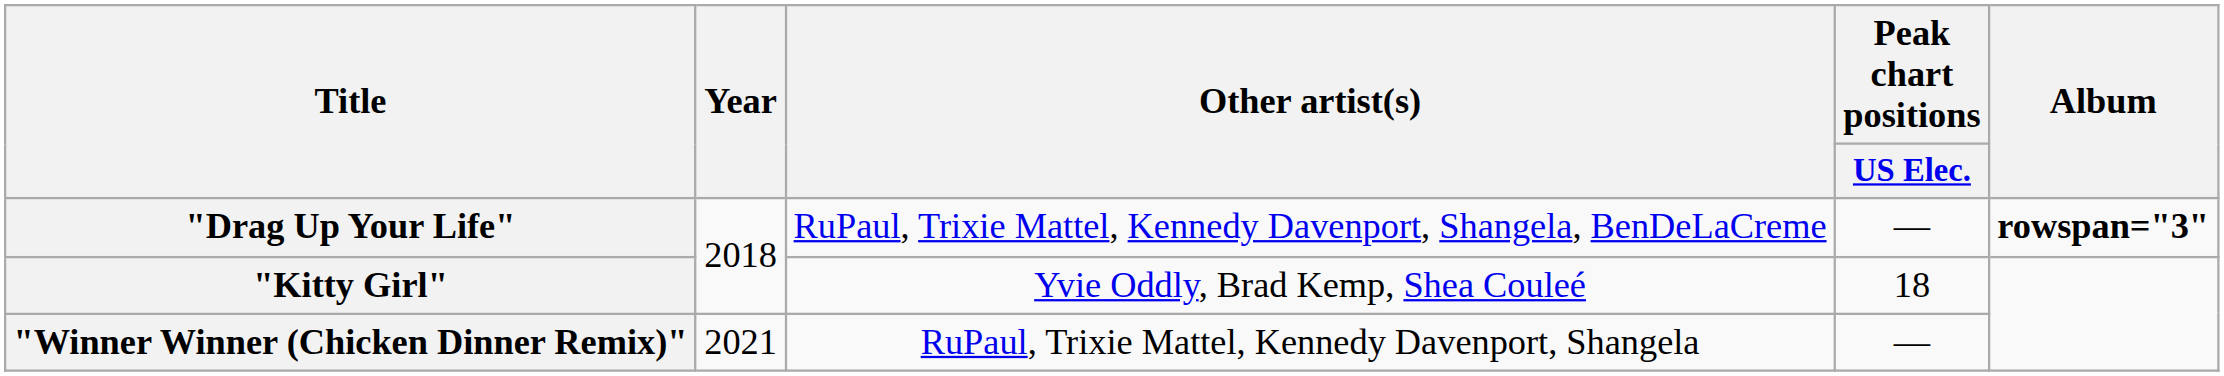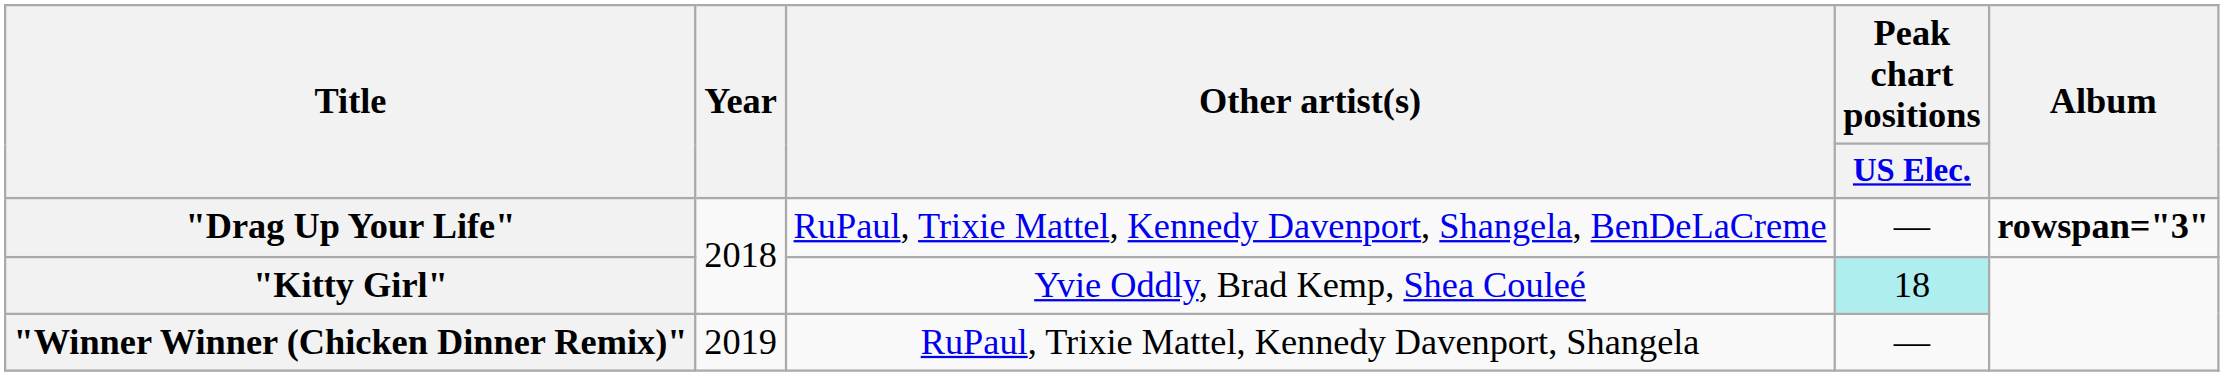 <table class="wikitable plainrowheaders" style="text-align:center;">
 <tr>
 <th rowspan="2" scope="col">Title</th>
 <th rowspan="2" scope="col">Year</th>
 <th rowspan="2" scope="col">Other artist(s)</th>
 <th scope="col">Peak chart positions</th>
 <th rowspan="2" scope="col">Album</th>
 </tr>
 <tr>
 <th scope="col" style="width:2em;font-size:90%;"><a href='#'>US Elec.</a><br></th>
 </tr>
 <tr>
 <th scope="row">"Drag Up Your Life"</th>
 <td rowspan="2">2018</td>
 <td><a href='#'>RuPaul</a>, <a href='#'>Trixie Mattel</a>, <a href='#'>Kennedy Davenport</a>, <a href='#'>Shangela</a>, <a href='#'>BenDeLaCreme</a></td>
 <td>—</td>
 <td><strong>rowspan="3" </strong></td>
 </tr>
 <tr>
 <th scope="row">"Kitty Girl"</th>
 <td><a href='#'>Yvie Oddly</a>, Brad Kemp, <a href='#'>Shea Couleé</a></td>
-<td>18</td>
+<td style="background: paleturquoise;">18</td>
 </tr>
 <tr>
 <th scope="row">"Winner Winner (Chicken Dinner Remix)"</th>
-<td>2021</td>
+<td>2019</td>
 <td><a href='#'>RuPaul</a>, Trixie Mattel, Kennedy Davenport, Shangela</td>
 <td>—</td>
 </tr>
 </table>
